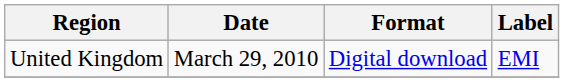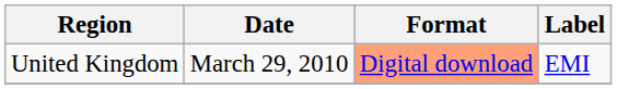 <table class="wikitable" border="1">
 <tr>
 <th>Region</th>
 <th>Date</th>
 <th>Format</th>
 <th>Label</th>
 </tr>
 <tr>
 <td rowspan=1>United Kingdom</td>
 <td>March 29, 2010</td>
-<td><a href='#'>Digital download</a></td>
+<td style="background: lightsalmon;"><a href='#'>Digital download</a></td>
 <td rowspan=1><a href='#'>EMI</a></td>
 </tr>
 <tr>
 </tr>
 </table>
